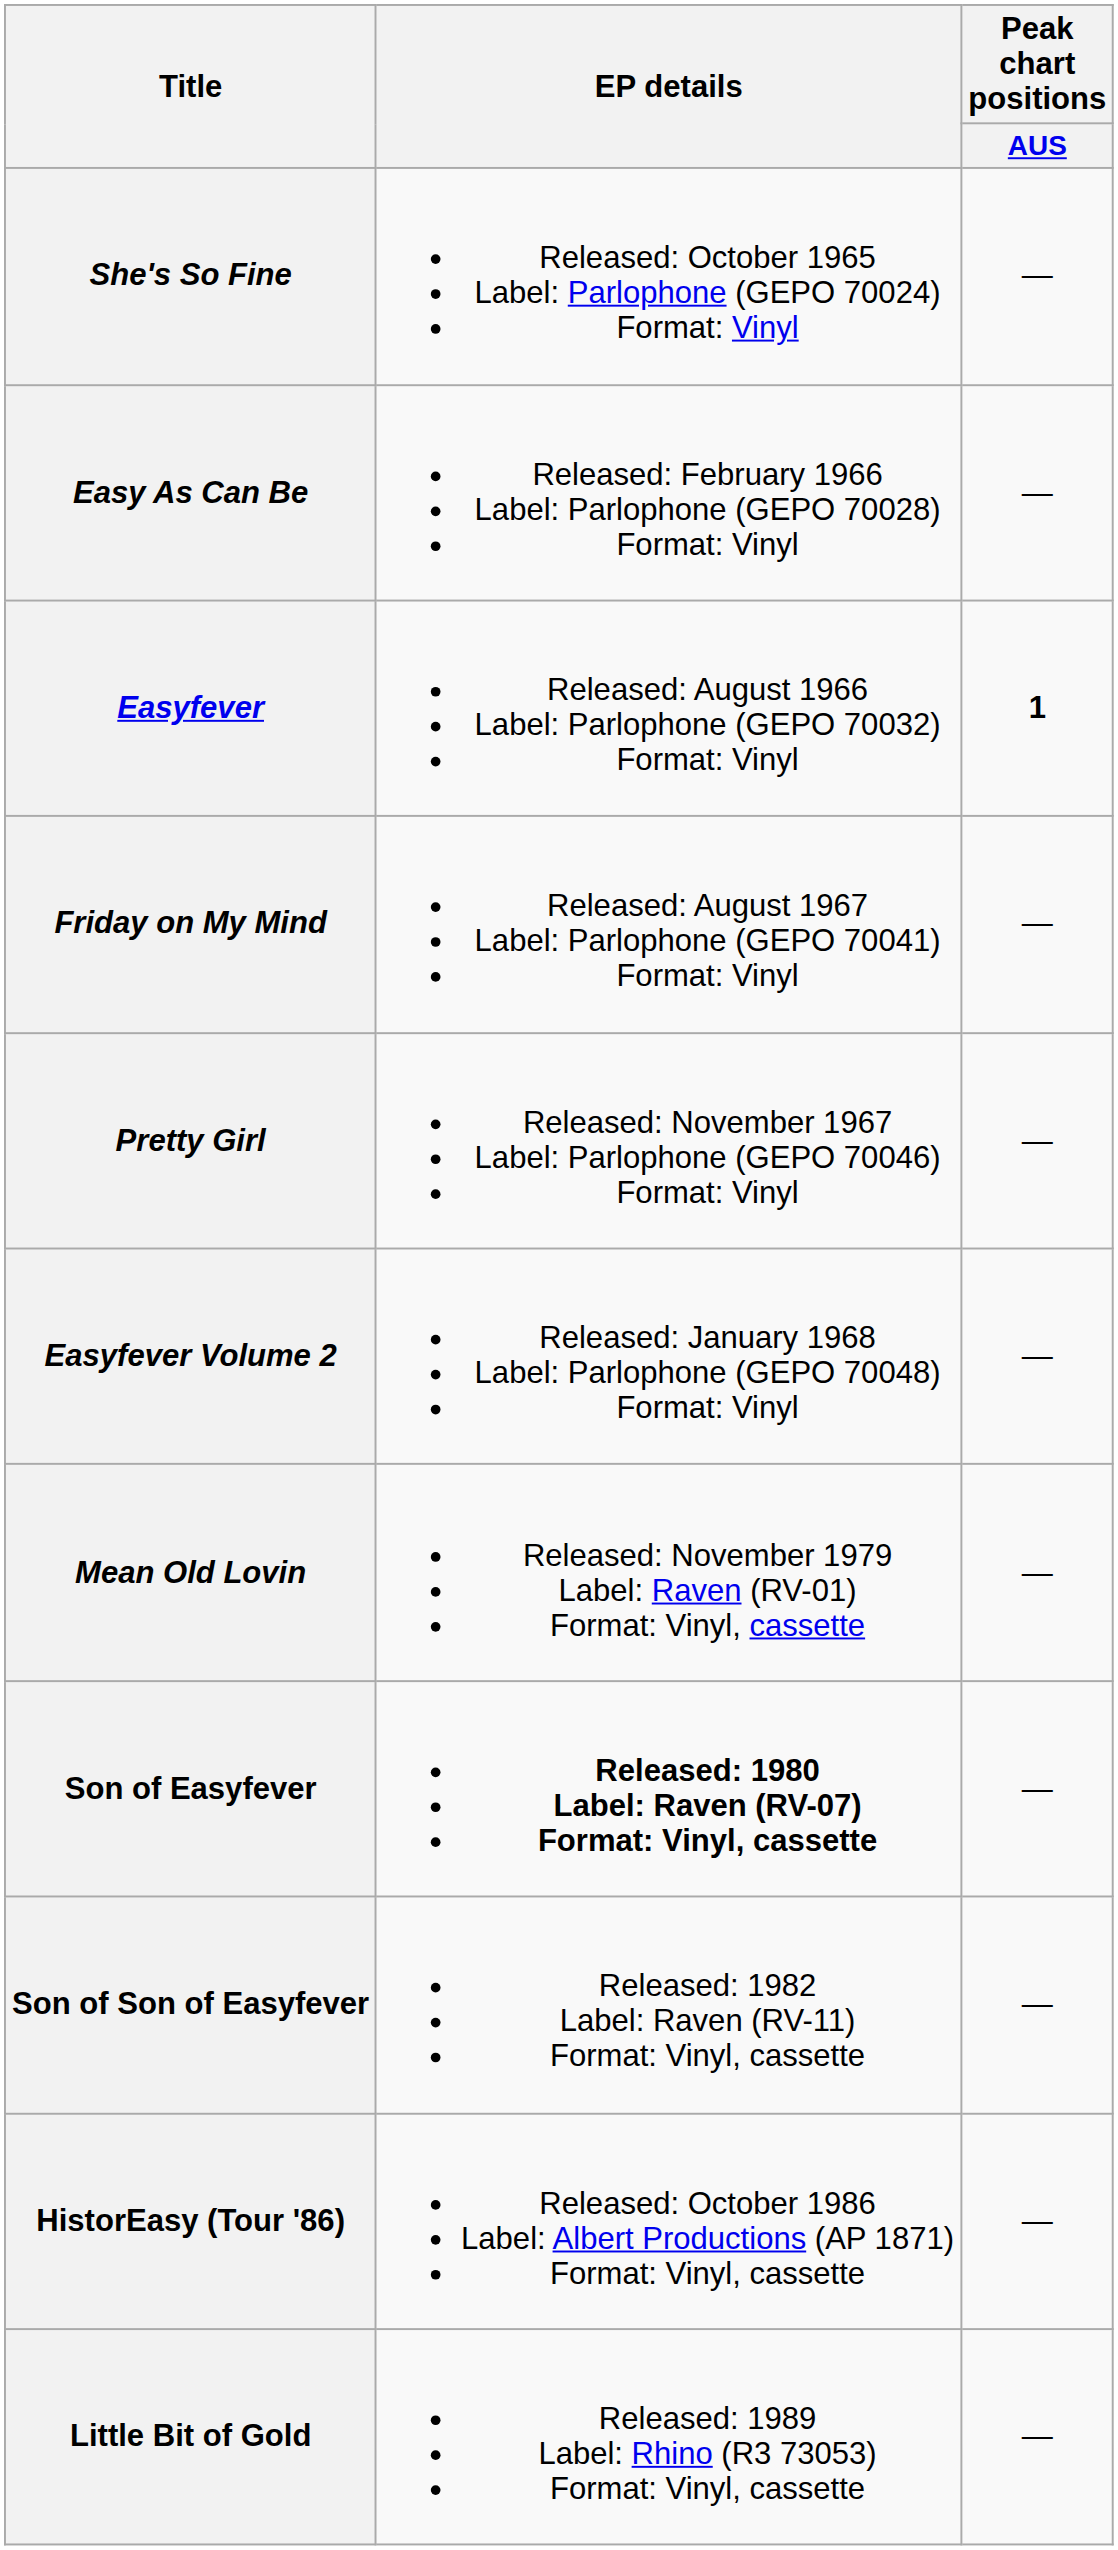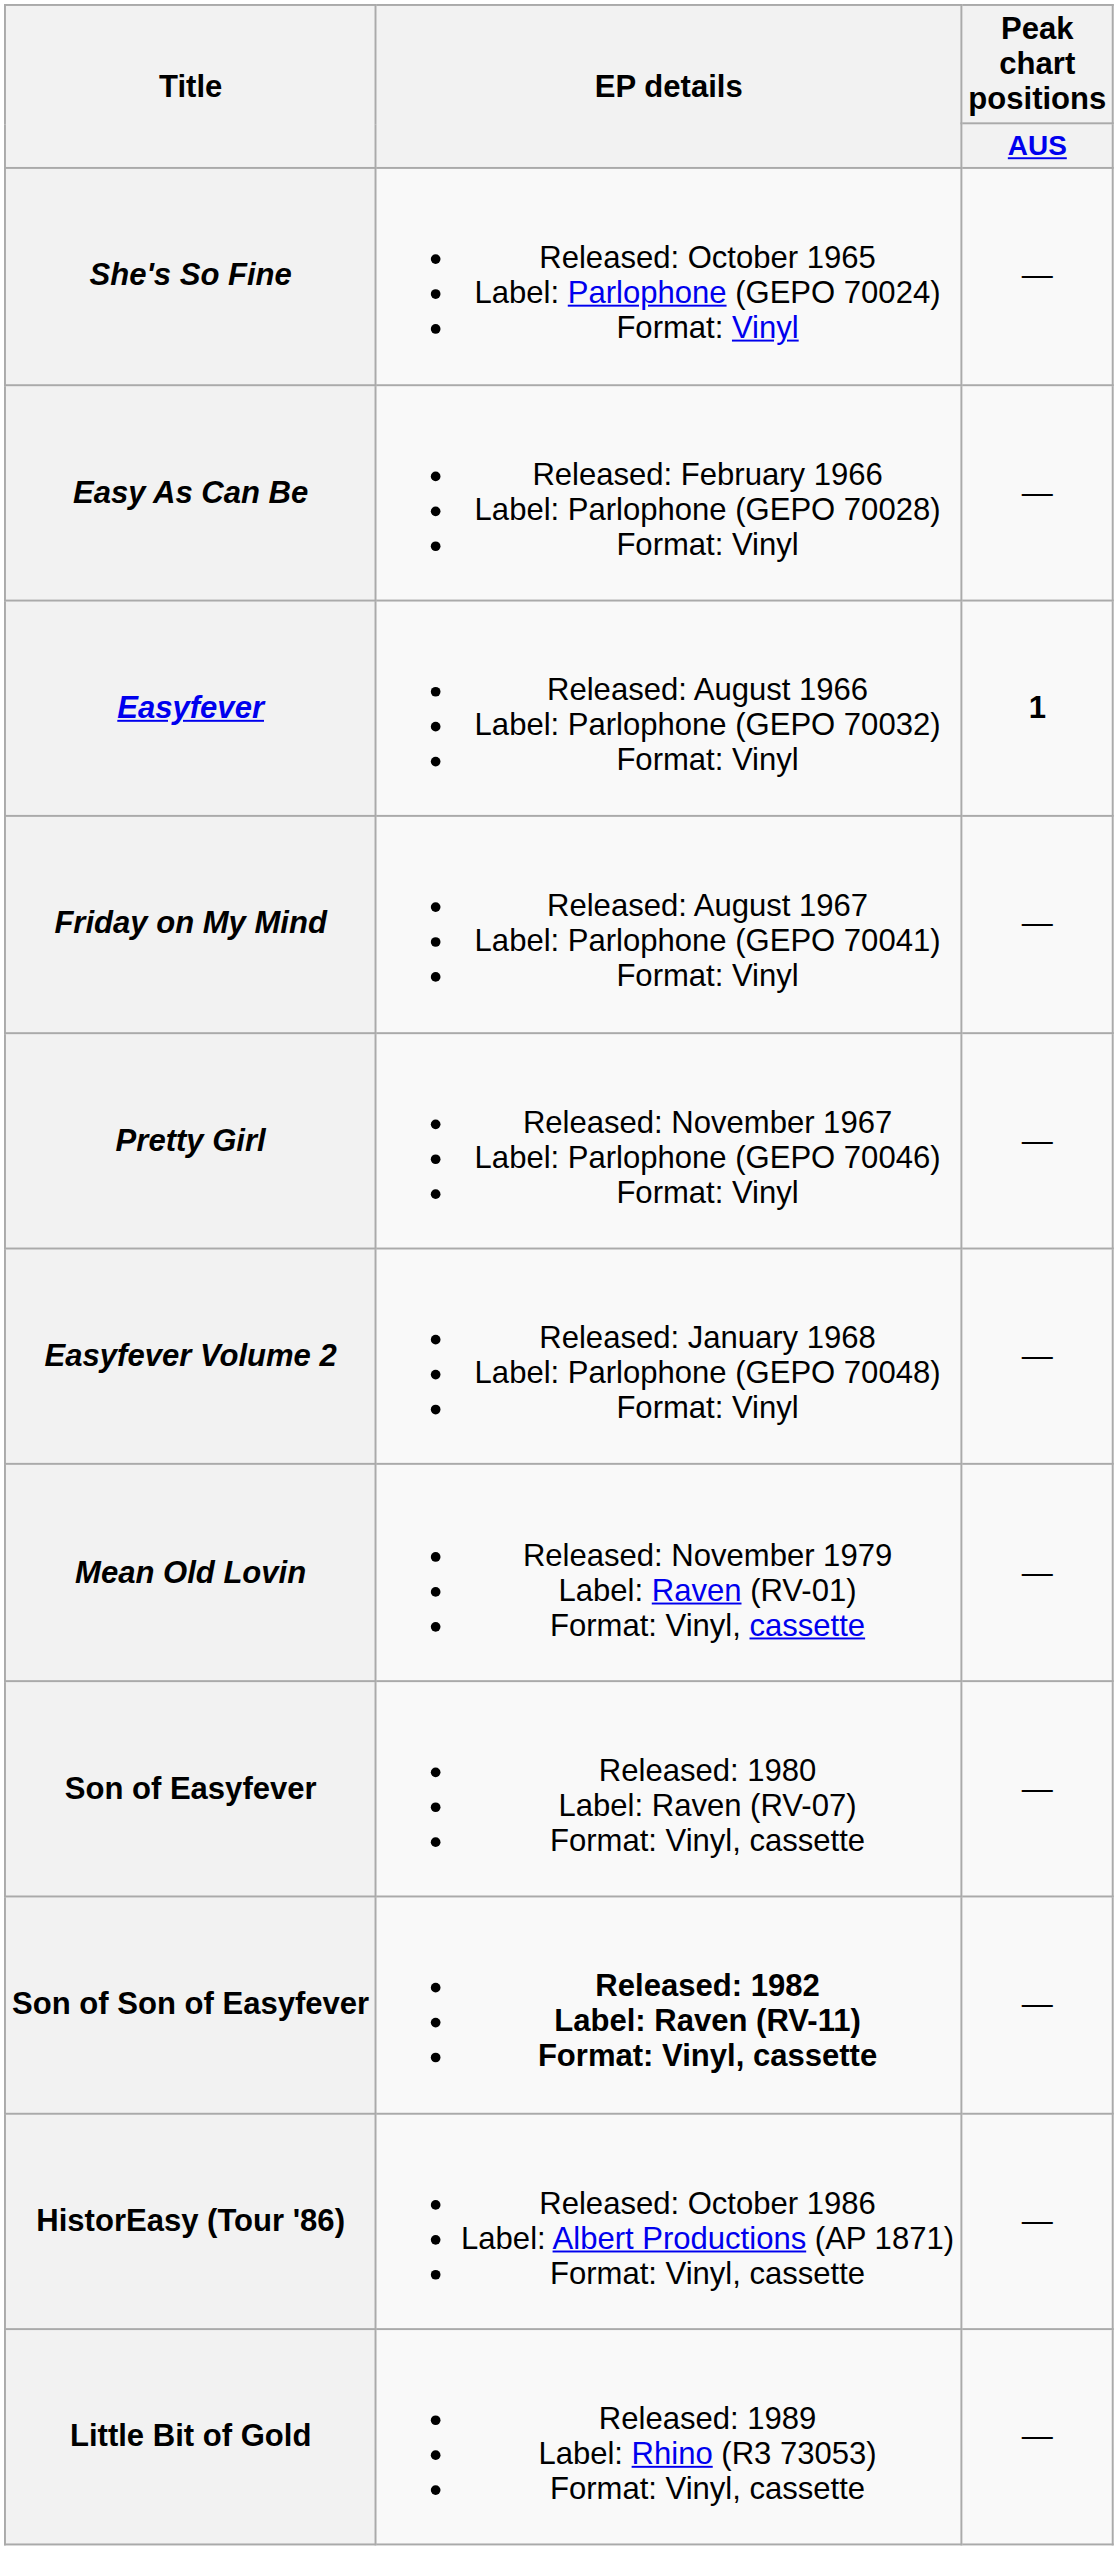 <table class="wikitable plainrowheaders" style="text-align:center;">
 <tr>
 <th scope="col" rowspan="2">Title</th>
 <th scope="col" rowspan="2">EP details</th>
 <th scope="col">Peak chart positions</th>
 </tr>
 <tr>
 <th scope="col" style="width:2.2em;font-size:90%;"><a href='#'>AUS</a><br></th>
 </tr>
 <tr>
 <th scope="row"><em>She's So Fine</em></th>
 <td><br><ul><li>Released: October 1965</li><li>Label: <a href='#'>Parlophone</a> (GEPO 70024)</li><li>Format: <a href='#'>Vinyl</a></li></ul></td>
 <td>—</td>
 </tr>
 <tr>
 <th scope="row"><em>Easy As Can Be</em></th>
 <td><br><ul><li>Released: February 1966</li><li>Label: Parlophone (GEPO 70028)</li><li>Format: Vinyl</li></ul></td>
 <td>—</td>
 </tr>
 <tr>
 <th scope="row"><em><a href='#'>Easyfever</a></em></th>
 <td><br><ul><li>Released: August 1966</li><li>Label: Parlophone (GEPO 70032)</li><li>Format: Vinyl</li></ul></td>
 <td><strong>1</strong></td>
 </tr>
 <tr>
 <th scope="row"><em>Friday on My Mind</em></th>
 <td><br><ul><li>Released: August 1967</li><li>Label: Parlophone (GEPO 70041)</li><li>Format: Vinyl</li></ul></td>
 <td>—</td>
 </tr>
 <tr>
 <th scope="row"><em>Pretty Girl</em></th>
 <td><br><ul><li>Released: November 1967</li><li>Label: Parlophone (GEPO 70046)</li><li>Format: Vinyl</li></ul></td>
 <td>—</td>
 </tr>
 <tr>
 <th scope="row"><em>Easyfever Volume 2</em></th>
 <td><br><ul><li>Released: January 1968</li><li>Label: Parlophone (GEPO 70048)</li><li>Format: Vinyl</li></ul></td>
 <td>—</td>
 </tr>
 <tr>
 <th scope="row"><em>Mean Old Lovin<strong></th>
 <td><br><ul><li>Released: November 1979</li><li>Label: <a href='#'>Raven</a> (RV-01)</li><li>Format: Vinyl, <a href='#'>cassette</a></li></ul></td>
 <td>—</td>
 </tr>
 <tr>
 <th scope="row"></em>Son of Easyfever<em></th>
-<td><strong><br><ul><li>Released: 1980</li><li>Label: Raven (RV-07)</li><li>Format: Vinyl, cassette</li></ul></strong></td>
+<td><br><ul><li>Released: 1980</li><li>Label: Raven (RV-07)</li><li>Format: Vinyl, cassette</li></ul></td>
 <td>—</td>
 </tr>
 <tr>
 <th scope="row"></em>Son of Son of Easyfever<em></th>
-<td><br><ul><li>Released: 1982</li><li>Label: Raven (RV-11)</li><li>Format: Vinyl, cassette</li></ul></td>
+<td><strong><br><ul><li>Released: 1982</li><li>Label: Raven (RV-11)</li><li>Format: Vinyl, cassette</li></ul></strong></td>
 <td>—</td>
 </tr>
 <tr>
 <th scope="row"></em>HistorEasy (Tour '86)<em></th>
 <td><br><ul><li>Released: October 1986</li><li>Label: <a href='#'>Albert Productions</a> (AP 1871)</li><li>Format: Vinyl, cassette</li></ul></td>
 <td>—</td>
 </tr>
 <tr>
 <th scope="row"></em>Little Bit of Gold<em></th>
 <td><br><ul><li>Released: 1989</li><li>Label: <a href='#'>Rhino</a> (R3 73053)</li><li>Format: Vinyl, cassette</li></ul></td>
 <td>—</td>
 </tr>
 </table>
